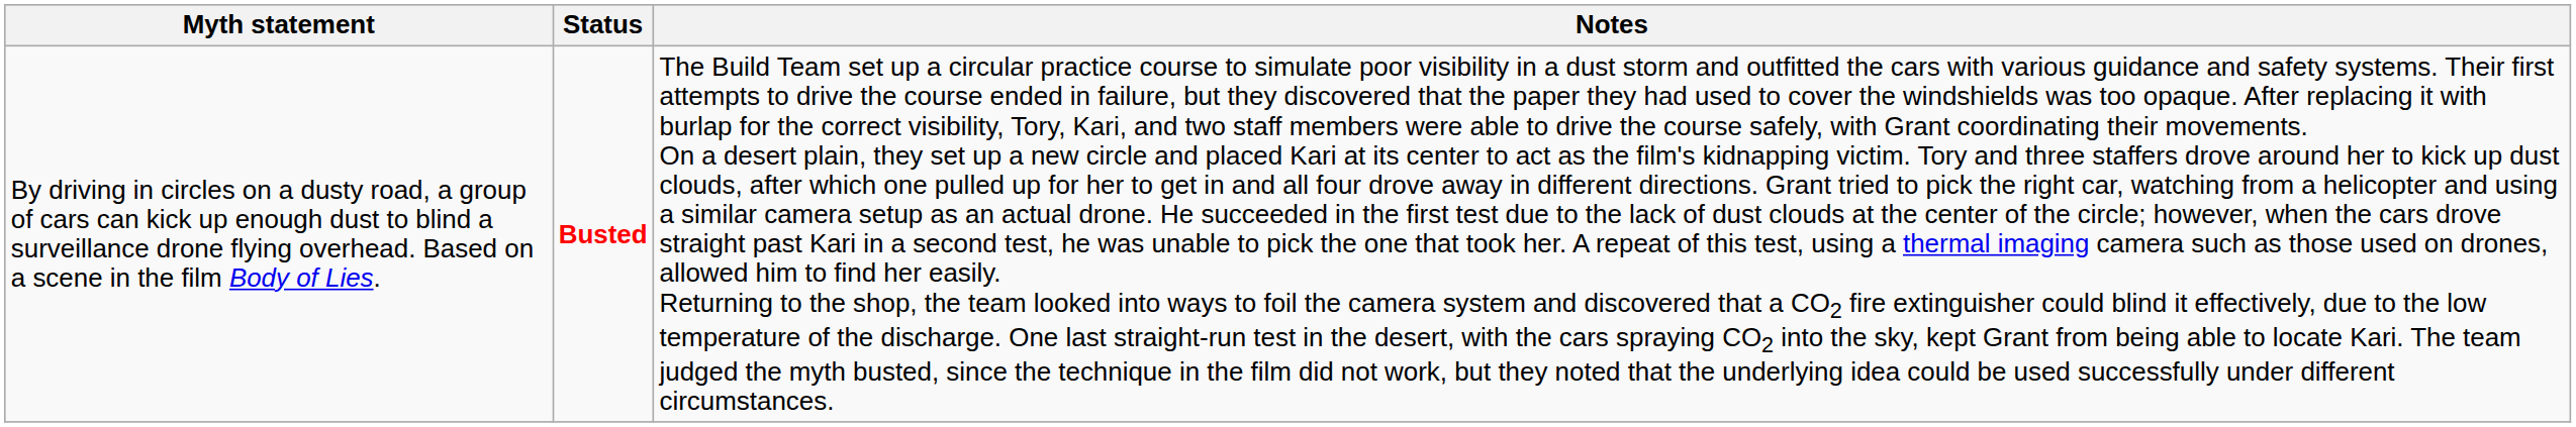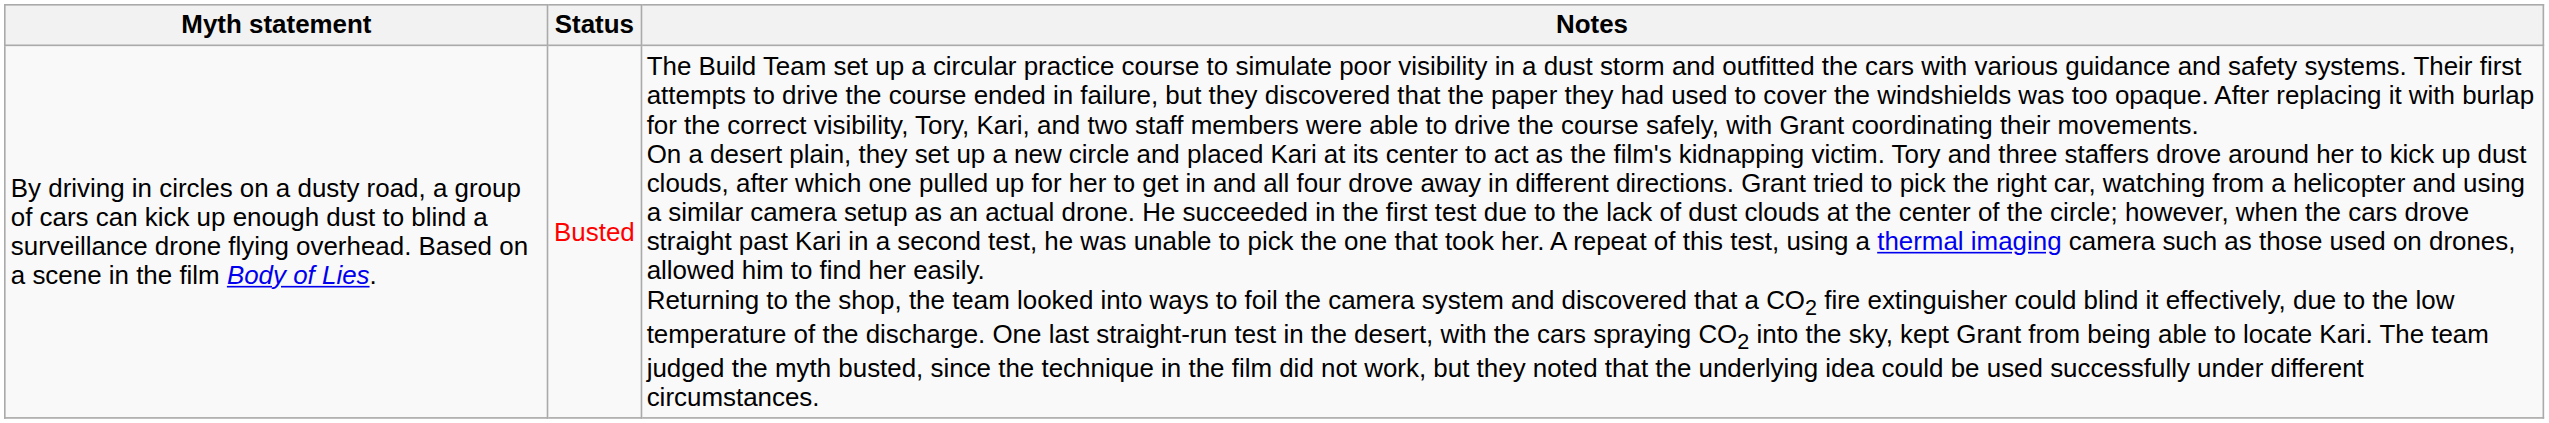 <table class="wikitable plainrowheaders">
 <tr>
 <th>Myth statement</th>
 <th>Status</th>
 <th>Notes</th>
 </tr>
 <tr>
 <td>By driving in circles on a dusty road, a group of cars can kick up enough dust to blind a surveillance drone flying overhead. Based on a scene in the film <a href='#'><em>Body of Lies</em></a>.</td>
-<td style="color:red"><strong>Busted</strong></td>
+<td style="color:red">Busted</td>
 <td>The Build Team set up a circular practice course to simulate poor visibility in a dust storm and outfitted the cars with various guidance and safety systems. Their first attempts to drive the course ended in failure, but they discovered that the paper they had used to cover the windshields was too opaque. After replacing it with burlap for the correct visibility, Tory, Kari, and two staff members were able to drive the course safely, with Grant coordinating their movements.<br>On a desert plain, they set up a new circle and placed Kari at its center to act as the film's kidnapping victim. Tory and three staffers drove around her to kick up dust clouds, after which one pulled up for her to get in and all four drove away in different directions. Grant tried to pick the right car, watching from a helicopter and using a similar camera setup as an actual drone. He succeeded in the first test due to the lack of dust clouds at the center of the circle; however, when the cars drove straight past Kari in a second test, he was unable to pick the one that took her. A repeat of this test, using a <a href='#'>thermal imaging</a> camera such as those used on drones, allowed him to find her easily.<br>Returning to the shop, the team looked into ways to foil the camera system and discovered that a CO<sub>2</sub> fire extinguisher could blind it effectively, due to the low temperature of the discharge. One last straight-run test in the desert, with the cars spraying CO<sub>2</sub> into the sky, kept Grant from being able to locate Kari. The team judged the myth busted, since the technique in the film did not work, but they noted that the underlying idea could be used successfully under different circumstances.</td>
 </tr>
 </table>
